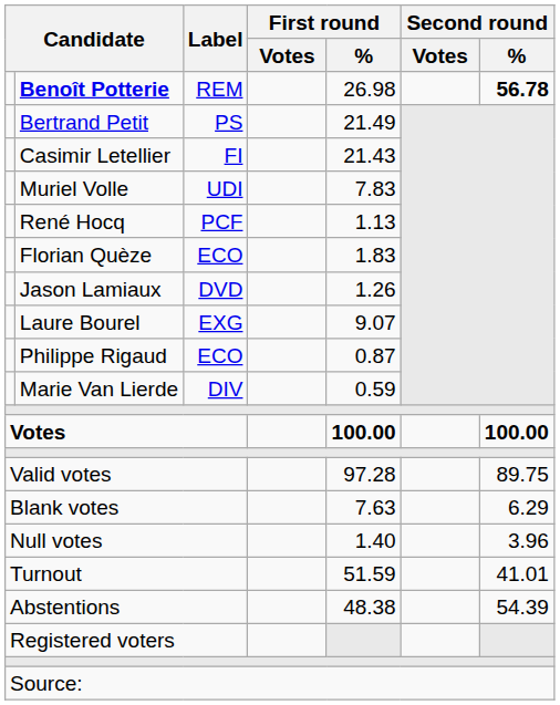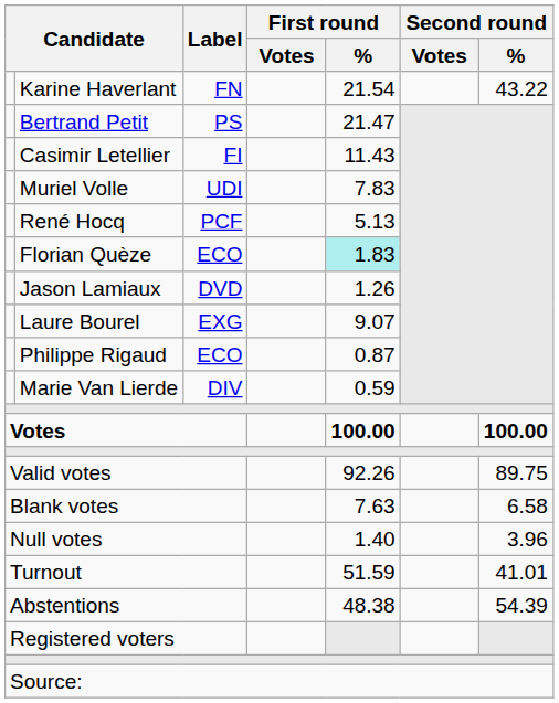 <table class="wikitable" style="text-align:right;font-size:95%;">
 <tr>
 <th rowspan="2" colspan="2">Candidate</th>
 <th rowspan="2">Label</th>
 <th colspan="2">First round</th>
 <th colspan="2">Second round</th>
 </tr>
 <tr>
 <th style="width:50px;">Votes</th>
 <th style="width:45px;">%</th>
 <th style="width:50px;">Votes</th>
 <th style="width:45px;">%</th>
 </tr>
 <tr>
 <td style="color:inherit;background:"></td>
-<td style="text-align:left;"><strong><a href='#'>Benoît Potterie</a></strong></td>
-<td><a href='#'>REM</a></td>
+<td style="text-align:left;">Karine Haverlant</td>
+<td><a href='#'>FN</a></td>
 <td></td>
-<td>26.98</td>
-<td><strong></strong></td>
-<td><strong>56.78</strong></td>
+<td>21.54</td>
+<td></td>
+<td>43.22</td>
 </tr>
 <tr>
 <td style="color:inherit;background:"></td>
 <td style="text-align:left;"><a href='#'>Bertrand Petit</a></td>
 <td><a href='#'>PS</a></td>
 <td></td>
-<td>21.49</td>
+<td>21.47</td>
 <td colspan="2" rowspan="9" style="background:#E9E9E9;"></td>
 </tr>
 <tr>
 <td style="color:inherit;background:"></td>
 <td style="text-align:left;">Casimir Letellier</td>
 <td><a href='#'>FI</a></td>
 <td></td>
-<td>21.43</td>
+<td>11.43</td>
 </tr>
 <tr>
 <td style="color:inherit;background:"></td>
 <td style="text-align:left;">Muriel Volle</td>
 <td><a href='#'>UDI</a></td>
 <td></td>
 <td>7.83</td>
 </tr>
 <tr>
 <td style="color:inherit;background:"></td>
 <td style="text-align:left;">René Hocq</td>
 <td><a href='#'>PCF</a></td>
 <td></td>
-<td>1.13</td>
+<td>5.13</td>
 </tr>
 <tr>
 <td style="color:inherit;background:"></td>
 <td style="text-align:left;">Florian Quèze</td>
 <td><a href='#'>ECO</a></td>
 <td></td>
-<td>1.83</td>
+<td style="background: paleturquoise;">1.83</td>
 </tr>
 <tr>
 <td style="color:inherit;background:"></td>
 <td style="text-align:left;">Jason Lamiaux</td>
 <td><a href='#'>DVD</a></td>
 <td></td>
 <td>1.26</td>
 </tr>
 <tr>
 <td style="color:inherit;background:"></td>
 <td style="text-align:left;">Laure Bourel</td>
 <td><a href='#'>EXG</a></td>
 <td></td>
 <td>9.07</td>
 </tr>
 <tr>
 <td style="color:inherit;background:"></td>
 <td style="text-align:left;">Philippe Rigaud</td>
 <td><a href='#'>ECO</a></td>
 <td></td>
 <td>0.87</td>
 </tr>
 <tr>
 <td style="color:inherit;background:"></td>
 <td style="text-align:left;">Marie Van Lierde</td>
 <td><a href='#'>DIV</a></td>
 <td></td>
 <td>0.59</td>
 </tr>
 <tr>
 <td colspan="7" style="background:#E9E9E9;"></td>
 </tr>
 <tr style="font-weight:bold;">
 <td colspan="3" style="text-align:left;">Votes</td>
 <td></td>
 <td>100.00</td>
 <td></td>
 <td>100.00</td>
 </tr>
 <tr>
 <td colspan="7" style="background:#E9E9E9;"></td>
 </tr>
 <tr>
 <td colspan="3" style="text-align:left;">Valid votes</td>
 <td></td>
-<td>97.28</td>
+<td>92.26</td>
 <td></td>
 <td>89.75</td>
 </tr>
 <tr>
 <td colspan="3" style="text-align:left;">Blank votes</td>
 <td></td>
 <td>7.63</td>
 <td></td>
-<td>6.29</td>
+<td>6.58</td>
 </tr>
 <tr>
 <td colspan="3" style="text-align:left;">Null votes</td>
 <td></td>
 <td>1.40</td>
 <td></td>
 <td>3.96</td>
 </tr>
 <tr>
 <td colspan="3" style="text-align:left;">Turnout</td>
 <td></td>
 <td>51.59</td>
 <td></td>
 <td>41.01</td>
 </tr>
 <tr>
 <td colspan="3" style="text-align:left;">Abstentions</td>
 <td></td>
 <td>48.38</td>
 <td></td>
 <td>54.39</td>
 </tr>
 <tr>
 <td colspan="3" style="text-align:left;">Registered voters</td>
 <td></td>
 <td style="background:#E9E9E9;"></td>
 <td></td>
 <td style="background:#E9E9E9;"></td>
 </tr>
 <tr>
 <td colspan="7" style="background:#E9E9E9;"></td>
 </tr>
 <tr>
 <td colspan="7" style="text-align:left;">Source: </td>
 </tr>
 </table>
